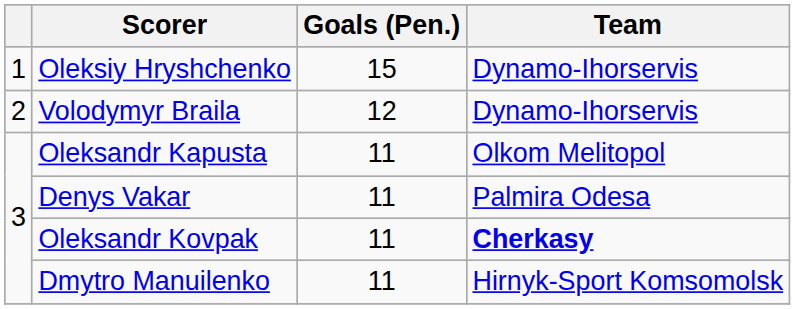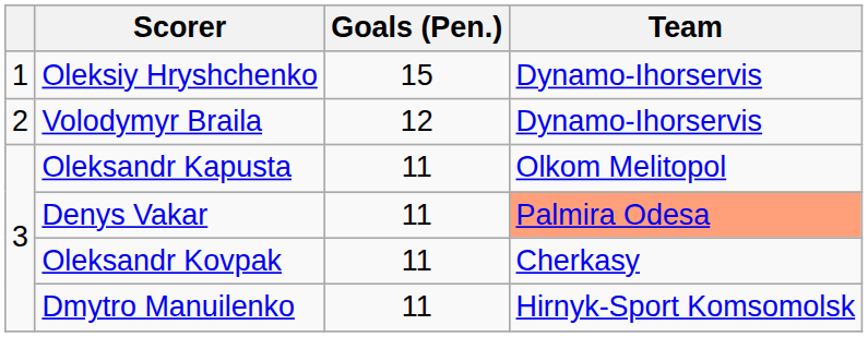 <table class="wikitable">
 <tr>
 <th></th>
 <th>Scorer</th>
 <th>Goals (Pen.)</th>
 <th>Team</th>
 </tr>
 <tr>
 <td>1</td>
 <td><a href='#'>Oleksiy Hryshchenko</a></td>
 <td align=center>15</td>
 <td><a href='#'>Dynamo-Ihorservis</a></td>
 </tr>
 <tr>
 <td>2</td>
 <td><a href='#'>Volodymyr Braila</a></td>
 <td align=center>12</td>
 <td><a href='#'>Dynamo-Ihorservis</a></td>
 </tr>
 <tr>
 <td rowspan="4">3</td>
 <td><a href='#'>Oleksandr Kapusta</a></td>
 <td align=center>11</td>
 <td><a href='#'>Olkom Melitopol</a></td>
 </tr>
 <tr>
 <td><a href='#'>Denys Vakar</a></td>
 <td align=center>11</td>
-<td><a href='#'>Palmira Odesa</a></td>
+<td style="background: lightsalmon;"><a href='#'>Palmira Odesa</a></td>
 </tr>
 <tr>
 <td><a href='#'>Oleksandr Kovpak</a></td>
 <td align=center>11</td>
-<td><strong><a href='#'>Cherkasy</a></strong></td>
+<td><a href='#'>Cherkasy</a></td>
 </tr>
 <tr>
 <td><a href='#'>Dmytro Manuilenko</a></td>
 <td align=center>11</td>
 <td><a href='#'>Hirnyk-Sport Komsomolsk</a></td>
 </tr>
 </table>
